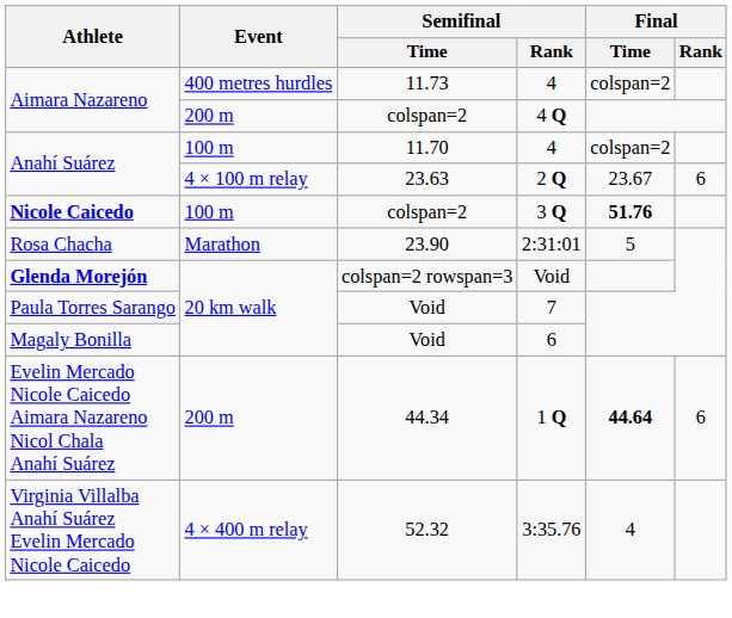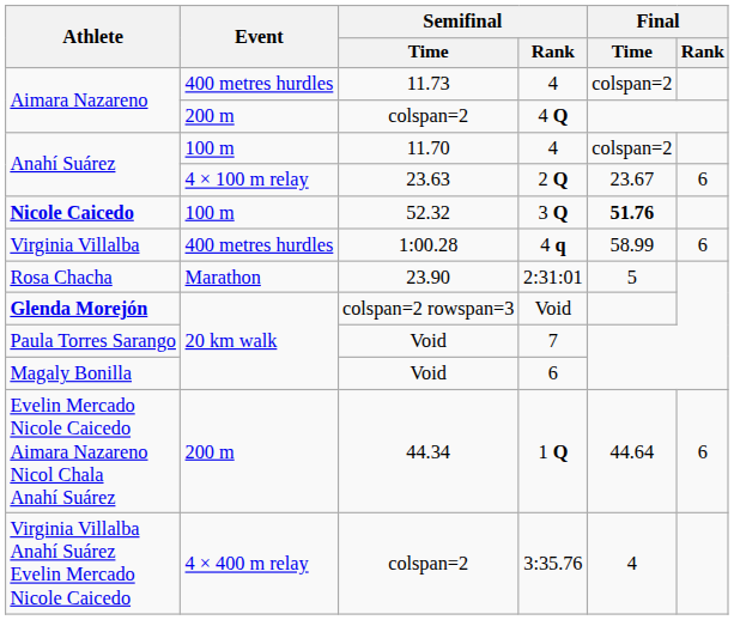 <table class=wikitable style=font-size:90%;text-align:center>
 <tr>
 <th rowspan=2>Athlete</th>
 <th rowspan=2>Event</th>
 <th colspan=2>Semifinal</th>
 <th colspan=2>Final</th>
 </tr>
 <tr style=font-size:95%>
 <th>Time</th>
 <th>Rank</th>
 <th>Time</th>
 <th>Rank</th>
 </tr>
 <tr align=center>
 <td align=left rowspan=2><a href='#'>Aimara Nazareno</a></td>
 <td align=left><a href='#'>400 metres hurdles</a></td>
 <td>11.73</td>
 <td>4</td>
 <td>colspan=2 </td>
 </tr>
 <tr align=center>
 <td align=left><a href='#'>200 m</a></td>
 <td>colspan=2 </td>
 <td>4 <strong>Q</strong></td>
 <td colspan=2></td>
 </tr>
 <tr align=center>
 <td align=left rowspan=2><a href='#'>Anahí Suárez</a></td>
 <td align=left><a href='#'>100 m</a></td>
 <td>11.70</td>
 <td>4</td>
 <td>colspan=2 </td>
 </tr>
 <tr align=center>
 <td align=left><a href='#'>4 × 100 m relay</a></td>
 <td>23.63</td>
 <td>2 <strong>Q</strong></td>
 <td>23.67</td>
 <td>6</td>
 </tr>
 <tr align=center>
 <td align=left><strong><a href='#'>Nicole Caicedo</a></strong></td>
 <td align=left><a href='#'>100 m</a></td>
-<td>colspan=2 </td>
+<td>52.32</td>
 <td>3 <strong>Q</strong></td>
 <td><strong>51.76</strong></td>
 <td></td>
+</tr>
+<tr align=center>
+<td align=left><a href='#'>Virginia Villalba</a></td>
+<td align=left><a href='#'>400 metres hurdles</a></td>
+<td>1:00.28</td>
+<td>4 <strong>q</strong></td>
+<td>58.99</td>
+<td>6</td>
 </tr>
 <tr align=center>
 <td align=left><a href='#'>Rosa Chacha</a></td>
 <td align=left><a href='#'>Marathon</a></td>
 <td>23.90</td>
 <td>2:31:01</td>
 <td>5</td>
 </tr>
 <tr align=center>
 <td align=left><strong><a href='#'>Glenda Morejón</a></strong></td>
 <td align=left rowspan=3><a href='#'>20 km walk</a></td>
 <td>colspan=2 rowspan=3 </td>
 <td>Void</td>
 <td></td>
 </tr>
 <tr align=center>
 <td align=left><a href='#'>Paula Torres Sarango</a></td>
 <td>Void</td>
 <td>7</td>
 </tr>
 <tr>
 <td align=left><a href='#'>Magaly Bonilla</a></td>
 <td>Void</td>
 <td>6</td>
 </tr>
 <tr align=center>
 <td align=left><a href='#'>Evelin Mercado</a><br><a href='#'>Nicole Caicedo</a><br><a href='#'>Aimara Nazareno</a><br><a href='#'>Nicol Chala</a><br><a href='#'>Anahí Suárez</a></td>
 <td align=left><a href='#'>200 m</a></td>
 <td>44.34</td>
 <td>1 <strong>Q</strong></td>
-<td><strong>44.64</strong></td>
+<td>44.64</td>
 <td>6</td>
 </tr>
 <tr align=center>
 <td align=left><a href='#'>Virginia Villalba</a><br><a href='#'>Anahí Suárez</a><br><a href='#'>Evelin Mercado</a><br><a href='#'>Nicole Caicedo</a></td>
 <td align=left><a href='#'>4 × 400 m relay</a></td>
-<td>52.32</td>
+<td>colspan=2 </td>
 <td>3:35.76</td>
 <td>4</td>
 </tr>
 </table>
